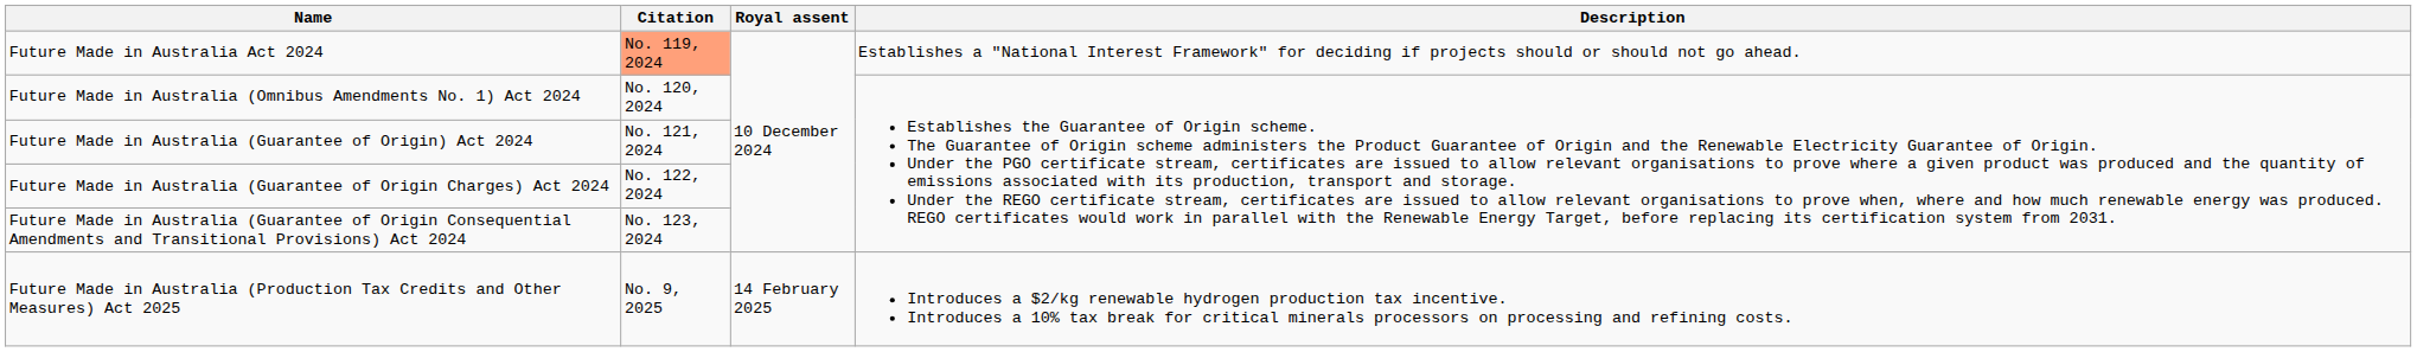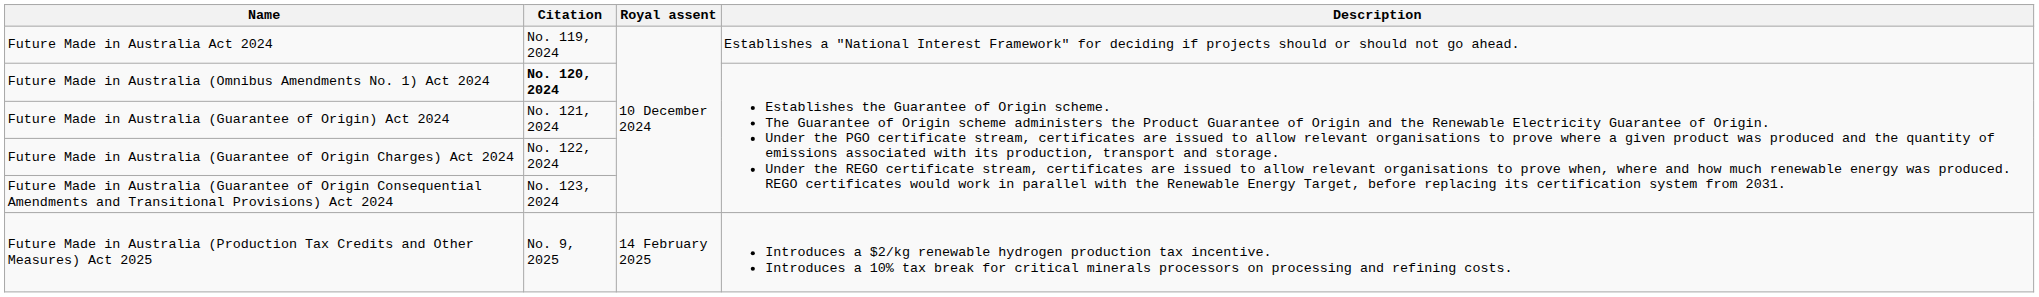 <table class="wikitable">
 <tr>
 <th>Name</th>
 <th>Citation</th>
 <th>Royal assent</th>
 <th>Description</th>
 </tr>
 <tr>
 <td>Future Made in Australia Act 2024</td>
-<td style="background: lightsalmon;">No. 119, 2024</td>
+<td>No. 119, 2024</td>
 <td rowspan="5">10 December 2024</td>
 <td>Establishes a "National Interest Framework" for deciding if projects should or should not go ahead.</td>
 </tr>
 <tr>
 <td>Future Made in Australia (Omnibus Amendments No. 1) Act 2024</td>
-<td>No. 120, 2024</td>
+<td><strong>No. 120, 2024</strong></td>
 <td rowspan="4"><br><ul><li>Establishes the Guarantee of Origin scheme.</li><li>The Guarantee of Origin scheme administers the  Product Guarantee of Origin and the Renewable Electricity Guarantee of Origin.</li><li>Under the PGO certificate stream, certificates are issued to allow relevant organisations to prove where a given product was produced and the quantity of emissions associated with its  production, transport and storage.</li><li>Under the  REGO certificate stream, certificates are issued to allow relevant organisations to prove when, where and how much renewable energy was produced. REGO certificates would work in parallel with the  Renewable Energy Target, before replacing its certification system from 2031.</li></ul></td>
 </tr>
 <tr>
 <td>Future Made in Australia (Guarantee of Origin) Act 2024</td>
 <td>No. 121, 2024</td>
 </tr>
 <tr>
 <td>Future Made in Australia (Guarantee of Origin Charges) Act 2024</td>
 <td>No. 122, 2024</td>
 </tr>
 <tr>
 <td>Future Made in Australia (Guarantee of Origin Consequential Amendments and Transitional Provisions) Act 2024</td>
 <td>No. 123, 2024</td>
 </tr>
 <tr>
 <td>Future Made in Australia (Production Tax Credits and Other Measures) Act 2025</td>
 <td>No. 9, 2025</td>
 <td>14 February 2025</td>
 <td><br><ul><li>Introduces a $2/kg renewable hydrogen production tax incentive.</li><li>Introduces a 10% tax break for critical minerals processors on processing and refining costs.</li></ul></td>
 </tr>
 </table>
